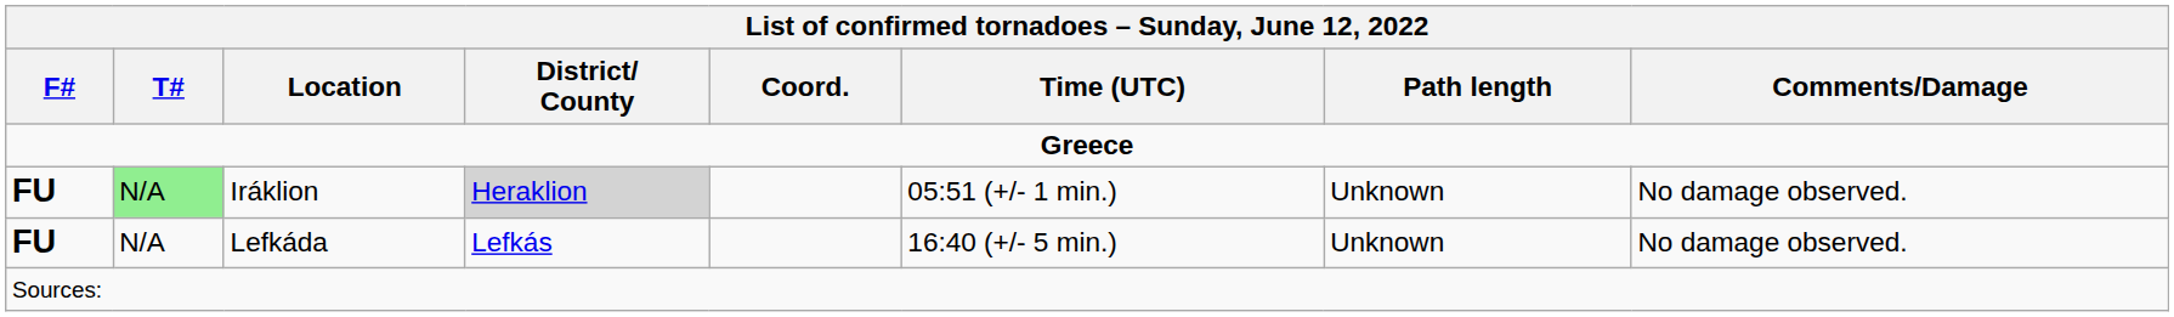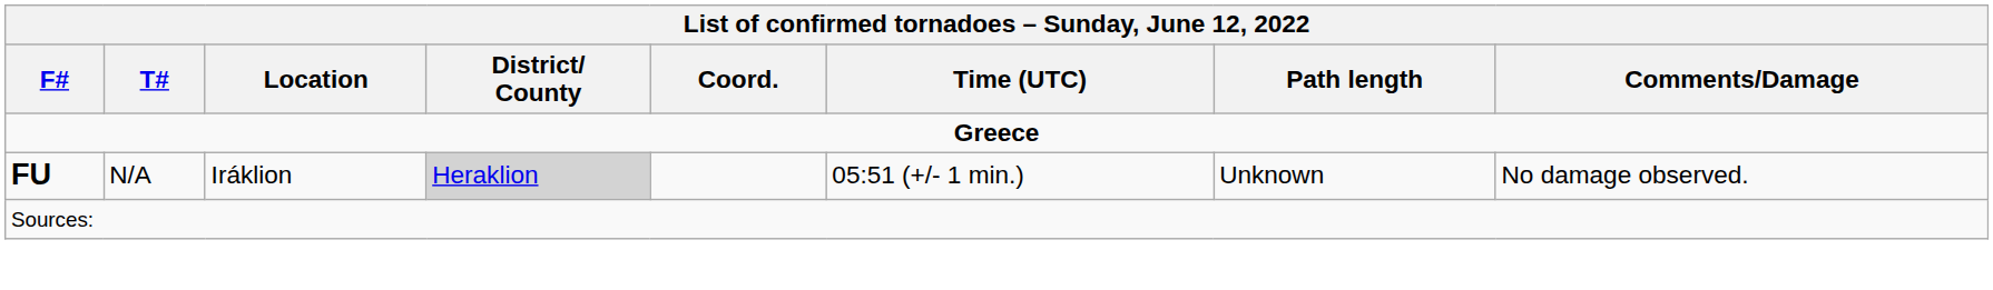 <table class="wikitable collapsible" width="100%">
 <tr>
 <th colspan="8">List of confirmed tornadoes – Sunday, June 12, 2022</th>
 </tr>
 <tr>
 <th><a href='#'>F#</a></th>
 <th><a href='#'>T#</a></th>
 <th>Location</th>
 <th>District/<br>County</th>
 <th>Coord.</th>
 <th>Time (UTC)</th>
 <th>Path length</th>
 <th>Comments/Damage</th>
 </tr>
 <tr>
 <td colspan="8" align=center><strong>Greece</strong></td>
 </tr>
 <tr>
 <td><big><strong>FU</strong></big></td>
-<td style="background: lightgreen;">N/A</td>
+<td>N/A</td>
 <td>Iráklion</td>
 <td style="background: lightgrey;"><a href='#'>Heraklion</a></td>
 <td></td>
 <td>05:51 (+/- 1 min.)</td>
 <td>Unknown</td>
 <td>No damage observed.</td>
 </tr>
 <tr>
-<td><big><strong>FU</strong></big></td>
-<td>N/A</td>
-<td>Lefkáda</td>
-<td><a href='#'>Lefkás</a></td>
-<td></td>
-<td>16:40 (+/- 5 min.)</td>
-<td>Unknown</td>
-<td>No damage observed.</td>
-</tr>
-<tr>
 <td colspan="8"><small>Sources:  </small></td>
 </tr>
 </table>
